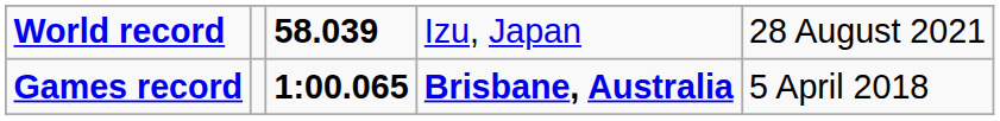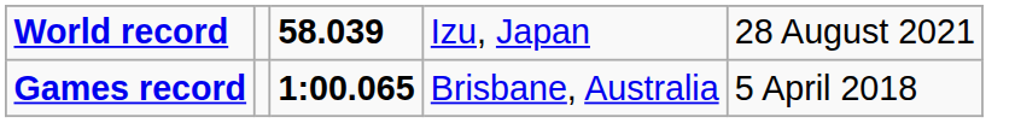 <table class="wikitable">
 <tr>
 <td><a href='#'><strong>World record</strong></a></td>
 <td></td>
 <td><strong>58.039</strong></td>
 <td><a href='#'>Izu</a>, <a href='#'>Japan</a></td>
 <td>28 August 2021</td>
 </tr>
 <tr>
 <td><a href='#'><strong>Games record</strong></a></td>
 <td></td>
 <td><strong>1:00.065</strong></td>
-<td><strong><a href='#'>Brisbane</a>, <a href='#'>Australia</a></strong></td>
+<td><a href='#'>Brisbane</a>, <a href='#'>Australia</a></td>
 <td>5 April 2018</td>
 </tr>
 </table>
